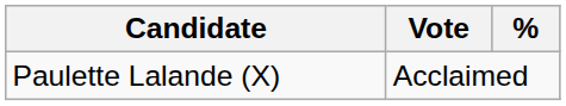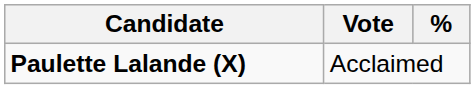 <table class="wikitable">
 <tr>
 <th bgcolor="#DDDDFF" width="200px">Candidate</th>
 <th bgcolor="#DDDDFF" width="50px">Vote</th>
 <th bgcolor="#DDDDFF" width="30px">%</th>
 </tr>
 <tr>
-<td>Paulette Lalande (X)</td>
+<td><strong>Paulette Lalande (X)</strong></td>
 <td colspan="2">Acclaimed</td>
 </tr>
 </table>
